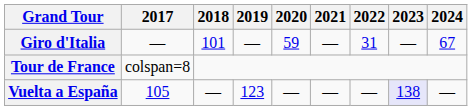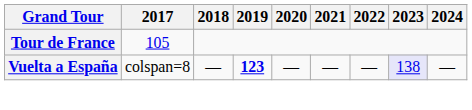 <table class="wikitable plainrowheaders">
 <tr>
 <th scope="col"><a href='#'>Grand Tour</a></th>
 <th scope="col">2017</th>
 <th scope="col">2018</th>
 <th scope="col">2019</th>
 <th scope="col">2020</th>
 <th scope="col">2021</th>
 <th scope="col">2022</th>
 <th scope="col">2023</th>
 <th>2024</th>
 </tr>
 <tr style="text-align:center;">
-<th scope="row"> <a href='#'>Giro d'Italia</a></th>
-<td>—</td>
-<td><a href='#'>101</a></td>
-<td>—</td>
-<td><a href='#'>59</a></td>
-<td>—</td>
-<td><a href='#'>31</a></td>
-<td>—</td>
-<td><a href='#'>67</a></td>
-</tr>
-<tr style="text-align:center;">
 <th scope="row"> <a href='#'>Tour de France</a></th>
-<td>colspan=8 </td>
+<td><a href='#'>105</a></td>
 </tr>
 <tr style="text-align:center;">
 <th scope="row"> <a href='#'>Vuelta a España</a></th>
-<td><a href='#'>105</a></td>
+<td>colspan=8 </td>
 <td>—</td>
-<td><a href='#'>123</a></td>
+<td><strong><a href='#'>123</a></strong></td>
 <td>—</td>
 <td>—</td>
 <td>—</td>
 <td style="background: lavender;"><a href='#'>138</a></td>
 <td>—</td>
 </tr>
 </table>
